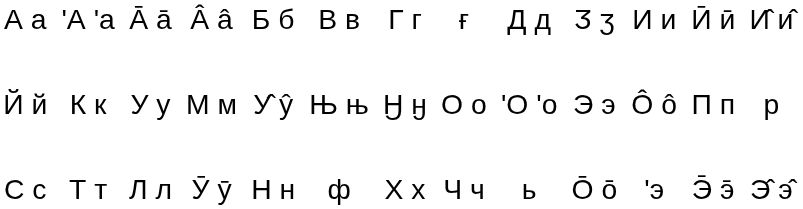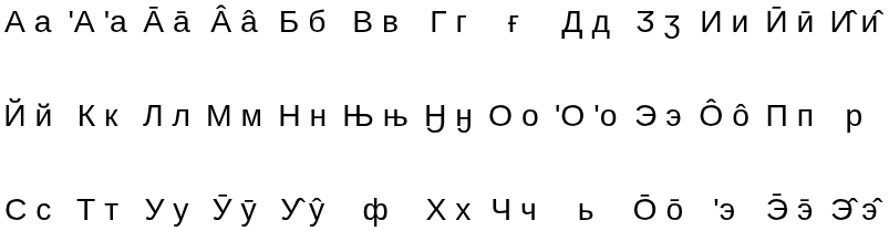 <table class=standard cellpadding=5 style="font-size: 1.5em; line-height: 2.5em; text-align: center;">
 <tr>
 <td style=«width:3em;»>А а</td>
 <td style=«width:3em;»>'А 'а</td>
 <td style=«width:3em;»>Ā ā</td>
 <td style=«width:3em;»>Â â</td>
 <td style=«width:3em;»>Б б</td>
 <td style=«width:3em;»>В в</td>
 <td style=«width:3em;»>Г г</td>
 <td style=«width:3em;»>ғ</td>
 <td style=«width:3em;»>Д д</td>
 <td style=«width:3em;»>Ӡ ӡ</td>
 <td style=«width:3em;»>И и</td>
 <td style=«width:3em;»>Ӣ ӣ</td>
 <td style=«width:3em;»>И̂ и̂</td>
 </tr>
 <tr>
 <td style=«width:3em;»>Й й</td>
 <td style=«width:3em;»>К к</td>
-<td style=«width:3em;»>У у</td>
+<td style=«width:3em;»>Л л</td>
 <td style=«width:3em;»>М м</td>
-<td style=«width:3em;»>У̂ ŷ</td>
+<td style=«width:3em;»>Н н</td>
 <td style=«width:3em;»>Њ њ</td>
 <td style=«width:3em;»>Ӈ ӈ</td>
 <td style=«width:3em;»>О о</td>
 <td style=«width:3em;»>'О 'о</td>
 <td style=«width:3em;»>Э э</td>
 <td style=«width:3em;»>Ô ô</td>
 <td style=«width:3em;»>П п</td>
 <td style=«width:3em;»>р</td>
 </tr>
 <tr>
 <td style=«width:3em;»>С с</td>
 <td style=«width:3em;»>Т т</td>
-<td style=«width:3em;»>Л л</td>
+<td style=«width:3em;»>У у</td>
 <td style=«width:3em;»>Ӯ ӯ</td>
-<td style=«width:3em;»>Н н</td>
+<td style=«width:3em;»>У̂ ŷ</td>
 <td style=«width:3em;»>ф</td>
 <td style=«width:3em;»>Х х</td>
 <td style=«width:3em;»>Ч ч</td>
 <td style=«width:3em;»>ь</td>
 <td style=«width:3em;»>Ō ō</td>
 <td style=«width:3em;»>'э</td>
 <td style=«width:3em;»>Э̄ э̄</td>
 <td style=«width:3em;»>Э̂ э̂</td>
 </tr>
 </table>
